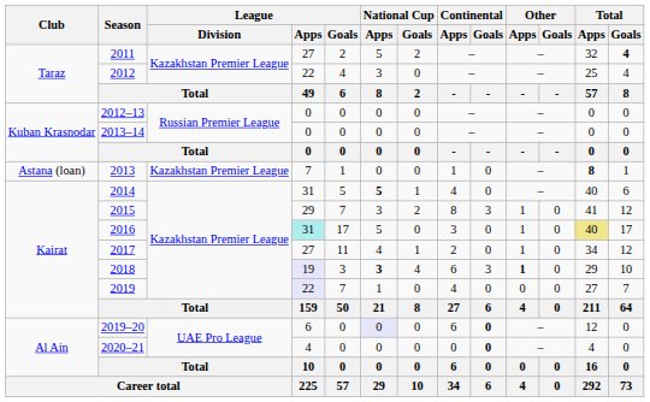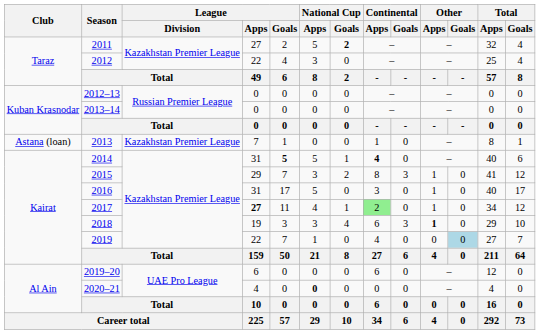 <table class="wikitable" style="text-align: center;">
 <tr>
 <th rowspan="2">Club</th>
 <th rowspan="2">Season</th>
 <th colspan="3">League</th>
 <th colspan="2">National Cup</th>
 <th colspan="2">Continental</th>
 <th colspan="2">Other</th>
 <th colspan="2">Total</th>
 </tr>
 <tr>
 <th>Division</th>
 <th>Apps</th>
 <th>Goals</th>
 <th>Apps</th>
 <th>Goals</th>
 <th>Apps</th>
 <th>Goals</th>
 <th>Apps</th>
 <th>Goals</th>
 <th>Apps</th>
 <th>Goals</th>
 </tr>
 <tr>
 <td rowspan="3" valign="center"><a href='#'>Taraz</a></td>
 <td><a href='#'>2011</a></td>
 <td rowspan="2" valign="center"><a href='#'>Kazakhstan Premier League</a></td>
 <td>27</td>
 <td>2</td>
 <td>5</td>
-<td>2</td>
+<td><strong>2</strong></td>
 <td colspan="2">–</td>
 <td colspan="2">–</td>
 <td>32</td>
-<td><strong>4</strong></td>
+<td>4</td>
 </tr>
 <tr>
 <td><a href='#'>2012</a></td>
 <td>22</td>
 <td>4</td>
 <td>3</td>
 <td>0</td>
 <td colspan="2">–</td>
 <td colspan="2">–</td>
 <td>25</td>
 <td>4</td>
 </tr>
 <tr>
 <th colspan="2">Total</th>
 <th>49</th>
 <th>6</th>
 <th>8</th>
 <th>2</th>
 <th>-</th>
 <th>-</th>
 <th>-</th>
 <th>-</th>
 <th>57</th>
 <th>8</th>
 </tr>
 <tr>
 <td rowspan="3" valign="center"><a href='#'>Kuban Krasnodar</a></td>
 <td><a href='#'>2012–13</a></td>
 <td rowspan="2" valign="center"><a href='#'>Russian Premier League</a></td>
 <td>0</td>
 <td>0</td>
 <td>0</td>
 <td>0</td>
 <td colspan="2">–</td>
 <td colspan="2">–</td>
 <td>0</td>
 <td>0</td>
 </tr>
 <tr>
 <td><a href='#'>2013–14</a></td>
 <td>0</td>
 <td>0</td>
 <td>0</td>
 <td>0</td>
 <td colspan="2">–</td>
 <td colspan="2">–</td>
 <td>0</td>
 <td>0</td>
 </tr>
 <tr>
 <th colspan="2">Total</th>
 <th>0</th>
 <th>0</th>
 <th>0</th>
 <th>0</th>
 <th>-</th>
 <th>-</th>
 <th>-</th>
 <th>-</th>
 <th>0</th>
 <th>0</th>
 </tr>
 <tr>
 <td valign="center"><a href='#'>Astana</a> (loan)</td>
 <td><a href='#'>2013</a></td>
 <td><a href='#'>Kazakhstan Premier League</a></td>
 <td>7</td>
 <td>1</td>
 <td>0</td>
 <td>0</td>
 <td>1</td>
 <td>0</td>
 <td colspan="2">–</td>
-<td><strong>8</strong></td>
+<td>8</td>
 <td>1</td>
 </tr>
 <tr>
 <td rowspan="7" valign="center"><a href='#'>Kairat</a></td>
 <td><a href='#'>2014</a></td>
 <td rowspan="6" valign="center"><a href='#'>Kazakhstan Premier League</a></td>
 <td>31</td>
+<td><strong>5</strong></td>
 <td>5</td>
-<td><strong>5</strong></td>
 <td>1</td>
-<td>4</td>
+<td><strong>4</strong></td>
 <td>0</td>
 <td colspan="2">–</td>
 <td>40</td>
 <td>6</td>
 </tr>
 <tr>
 <td><a href='#'>2015</a></td>
 <td>29</td>
 <td>7</td>
 <td>3</td>
 <td>2</td>
 <td>8</td>
 <td>3</td>
 <td>1</td>
 <td>0</td>
 <td>41</td>
 <td>12</td>
 </tr>
 <tr>
 <td><a href='#'>2016</a></td>
-<td style="background: paleturquoise;">31</td>
+<td>31</td>
 <td>17</td>
 <td>5</td>
 <td>0</td>
 <td>3</td>
 <td>0</td>
 <td>1</td>
 <td>0</td>
-<td style="background: khaki;">40</td>
+<td>40</td>
 <td>17</td>
 </tr>
 <tr>
 <td><a href='#'>2017</a></td>
-<td>27</td>
+<td><strong>27</strong></td>
 <td>11</td>
 <td>4</td>
 <td>1</td>
-<td>2</td>
+<td style="background: lightgreen;">2</td>
 <td>0</td>
 <td>1</td>
 <td>0</td>
 <td>34</td>
 <td>12</td>
 </tr>
 <tr>
 <td><a href='#'>2018</a></td>
-<td style="background: lavender;">19</td>
+<td>19</td>
 <td>3</td>
-<td><strong>3</strong></td>
+<td>3</td>
 <td>4</td>
 <td>6</td>
 <td>3</td>
 <td><strong>1</strong></td>
 <td>0</td>
 <td>29</td>
 <td>10</td>
 </tr>
 <tr>
 <td><a href='#'>2019</a></td>
-<td style="background: lavender;">22</td>
+<td>22</td>
 <td>7</td>
 <td>1</td>
 <td>0</td>
 <td>4</td>
 <td>0</td>
 <td>0</td>
-<td>0</td>
+<td style="background: lightblue;">0</td>
 <td>27</td>
 <td>7</td>
 </tr>
 <tr>
 <th colspan="2">Total</th>
 <th>159</th>
 <th>50</th>
 <th>21</th>
 <th>8</th>
 <th>27</th>
 <th>6</th>
 <th>4</th>
 <th>0</th>
 <th>211</th>
 <th>64</th>
 </tr>
 <tr>
 <td rowspan="3" valign="center"><a href='#'>Al Ain</a></td>
 <td><a href='#'>2019–20</a></td>
 <td rowspan="2" valign="center"><a href='#'>UAE Pro League</a></td>
 <td>6</td>
 <td>0</td>
-<td style="background: lavender;">0</td>
+<td>0</td>
 <td>0</td>
 <td>6</td>
-<td><strong>0</strong></td>
+<td>0</td>
 <td colspan="2">–</td>
 <td>12</td>
 <td>0</td>
 </tr>
 <tr>
 <td><a href='#'>2020–21</a></td>
 <td>4</td>
 <td>0</td>
+<td><strong>0</strong></td>
 <td>0</td>
 <td>0</td>
 <td>0</td>
-<td><strong>0</strong></td>
 <td colspan="2">–</td>
 <td>4</td>
 <td>0</td>
 </tr>
 <tr>
 <th colspan="2">Total</th>
 <th>10</th>
 <th>0</th>
 <th>0</th>
 <th>0</th>
 <th>6</th>
 <th>0</th>
 <th>0</th>
 <th>0</th>
 <th>16</th>
 <th>0</th>
 </tr>
 <tr>
 <th colspan="3">Career total</th>
 <th>225</th>
 <th>57</th>
 <th>29</th>
 <th>10</th>
 <th>34</th>
 <th>6</th>
 <th>4</th>
 <th>0</th>
 <th>292</th>
 <th>73</th>
 </tr>
 </table>
